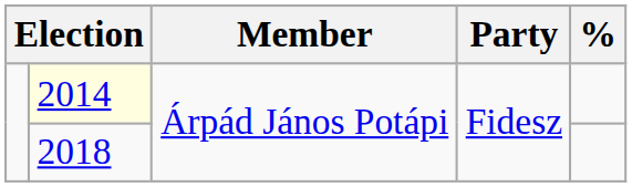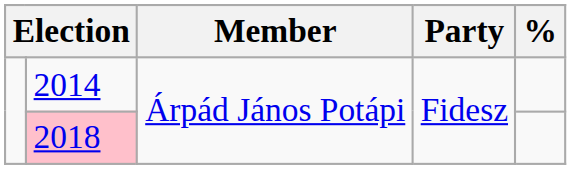 <table class=wikitable>
 <tr>
 <th colspan=2>Election</th>
 <th>Member</th>
 <th>Party</th>
 <th>%</th>
 </tr>
 <tr>
 <td rowspan=2 bgcolor=></td>
-<td style="background: lightyellow;"><a href='#'>2014</a></td>
+<td><a href='#'>2014</a></td>
 <td rowspan=2><a href='#'>Árpád János Potápi</a></td>
 <td rowspan=2><a href='#'>Fidesz</a></td>
 <td align=right></td>
 </tr>
 <tr>
-<td><a href='#'>2018</a></td>
+<td style="background: pink;"><a href='#'>2018</a></td>
 <td align=right></td>
 </tr>
 </table>
